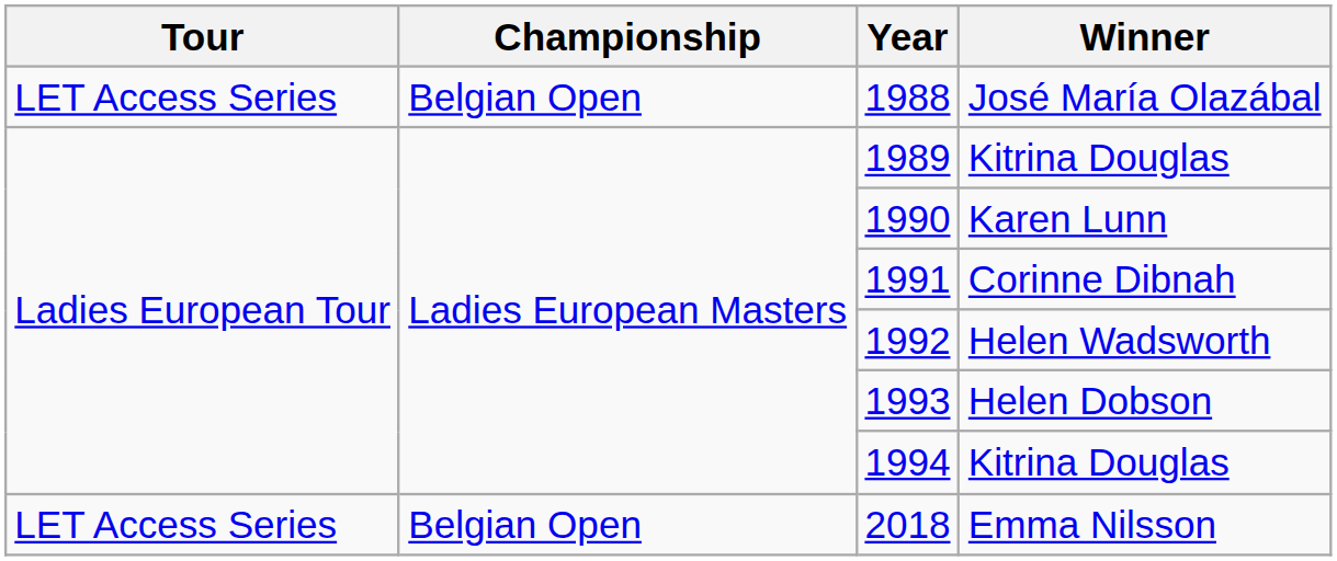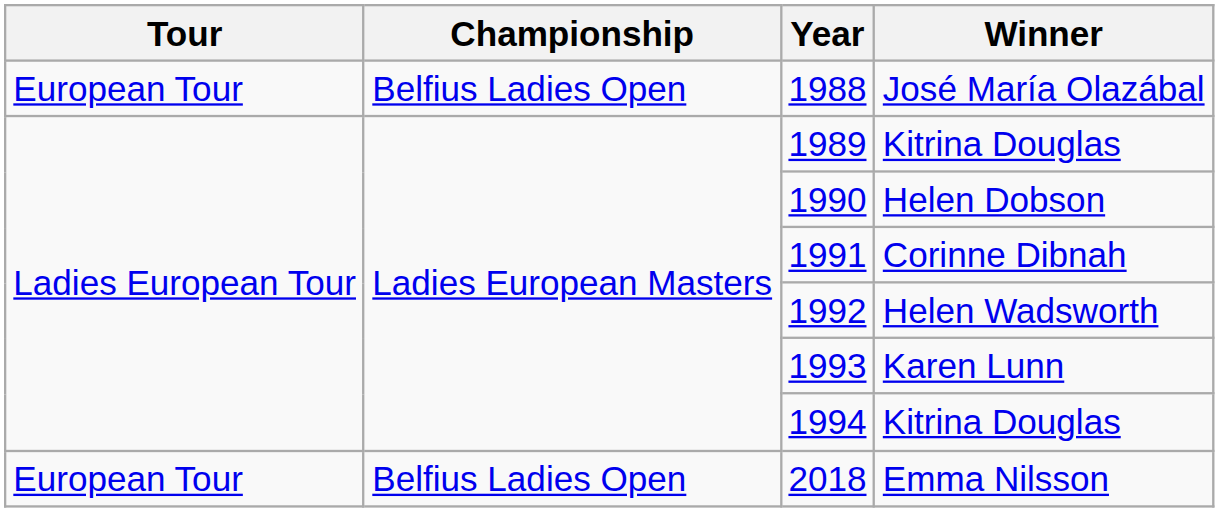 <table class="sortable wikitable" style="font-size:95%">
 <tr>
 <th>Tour</th>
 <th>Championship</th>
 <th>Year</th>
 <th>Winner</th>
 </tr>
 <tr>
-<td><a href='#'>LET Access Series</a></td>
-<td><a href='#'>Belgian Open</a></td>
+<td><a href='#'>European Tour</a></td>
+<td><a href='#'>Belfius Ladies Open</a></td>
 <td align=center><a href='#'>1988</a></td>
 <td> <a href='#'>José María Olazábal</a></td>
 </tr>
 <tr>
 <td rowspan=6><a href='#'>Ladies European Tour</a></td>
 <td rowspan=6><a href='#'>Ladies European Masters</a></td>
 <td align=center><a href='#'>1989</a></td>
 <td> <a href='#'>Kitrina Douglas</a></td>
 </tr>
 <tr>
 <td align=center><a href='#'>1990</a></td>
-<td> <a href='#'>Karen Lunn</a></td>
+<td> <a href='#'>Helen Dobson</a></td>
 </tr>
 <tr>
 <td align=center><a href='#'>1991</a></td>
 <td> <a href='#'>Corinne Dibnah</a></td>
 </tr>
 <tr>
 <td align=center><a href='#'>1992</a></td>
 <td> <a href='#'>Helen Wadsworth</a></td>
 </tr>
 <tr>
 <td align=center><a href='#'>1993</a></td>
-<td> <a href='#'>Helen Dobson</a></td>
+<td> <a href='#'>Karen Lunn</a></td>
 </tr>
 <tr>
 <td align=center><a href='#'>1994</a></td>
 <td> <a href='#'>Kitrina Douglas</a></td>
 </tr>
 <tr>
-<td><a href='#'>LET Access Series</a></td>
-<td><a href='#'>Belgian Open</a></td>
+<td><a href='#'>European Tour</a></td>
+<td><a href='#'>Belfius Ladies Open</a></td>
 <td align=center><a href='#'>2018</a></td>
 <td> <a href='#'>Emma Nilsson</a></td>
 </tr>
 </table>
